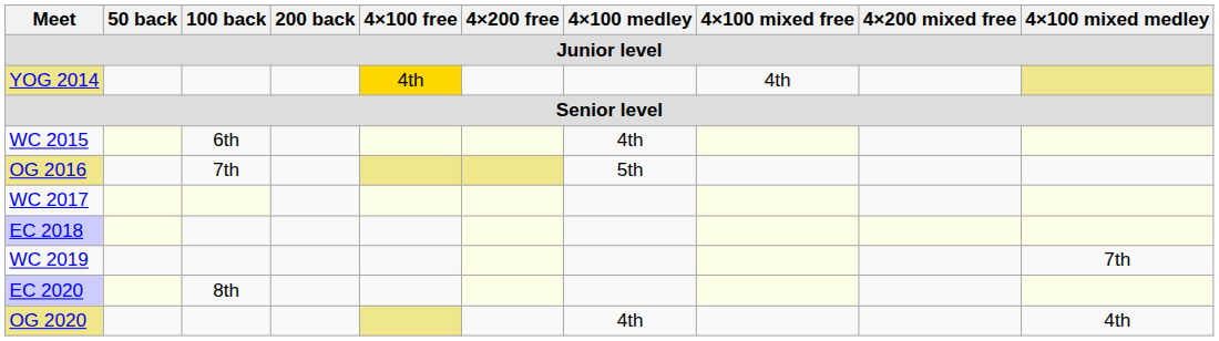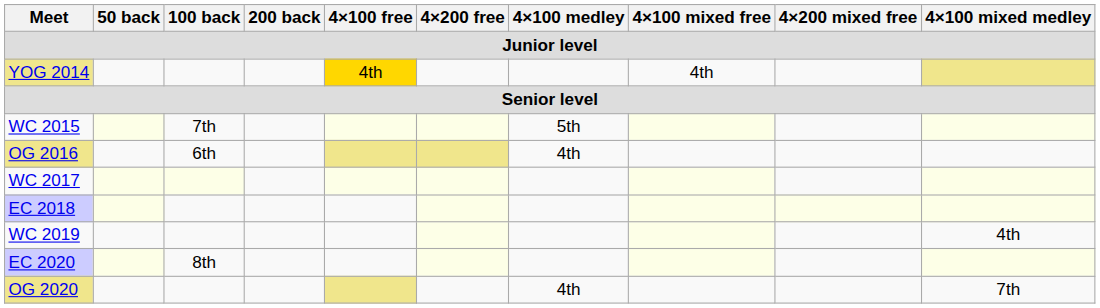 <table class="sortable wikitable">
 <tr>
 <th>Meet</th>
 <th class="unsortable">50 back</th>
 <th class="unsortable">100 back</th>
 <th class="unsortable">200 back</th>
 <th class="unsortable">4×100 free</th>
 <th class="unsortable">4×200 free</th>
 <th class="unsortable">4×100 medley</th>
 <th class="unsortable">4×100 mixed free</th>
 <th class="unsortable">4×200 mixed free</th>
 <th class="unsortable">4×100 mixed medley</th>
 </tr>
 <tr bgcolor="#DDDDDD">
 <td colspan="10" align="center"><strong>Junior level</strong></td>
 </tr>
 <tr>
 <td style="background:#f0e68c"><a href='#'>YOG 2014</a></td>
 <td align="center"></td>
 <td align="center"></td>
 <td align="center"></td>
 <td align="center" style="background: gold;">4th</td>
 <td></td>
 <td align="center"></td>
 <td align="center">4th</td>
 <td></td>
 <td style="background:#f0e68c"></td>
 </tr>
 <tr bgcolor="#DDDDDD">
 <td colspan="10" align="center"><strong>Senior level</strong></td>
 </tr>
 <tr>
 <td><a href='#'>WC 2015</a></td>
 <td style="background:#fdffe7"></td>
-<td align="center">6th</td>
+<td align="center">7th</td>
 <td align="center"></td>
 <td style="background:#fdffe7"></td>
 <td style="background:#fdffe7"></td>
-<td align="center">4th</td>
+<td align="center">5th</td>
 <td style="background:#fdffe7"></td>
 <td></td>
 <td style="background:#fdffe7"></td>
 </tr>
 <tr>
 <td style="background:#f0e68c"><a href='#'>OG 2016</a></td>
 <td></td>
-<td align="center">7th</td>
+<td align="center">6th</td>
 <td align="center"></td>
 <td style="background:#f0e68c"></td>
 <td style="background:#f0e68c"></td>
-<td align="center">5th</td>
+<td align="center">4th</td>
 <td></td>
 <td></td>
 <td></td>
 </tr>
 <tr>
 <td><a href='#'>WC 2017</a></td>
 <td style="background:#fdffe7"></td>
 <td style="background:#fdffe7"></td>
 <td align="center"></td>
 <td style="background:#fdffe7"></td>
 <td style="background:#fdffe7"></td>
 <td align="center"></td>
 <td style="background:#fdffe7"></td>
 <td></td>
 <td style="background:#fdffe7"></td>
 </tr>
 <tr>
 <td style="background:#ccccff"><a href='#'>EC 2018</a></td>
 <td style="background:#fdffe7"></td>
 <td align="center"></td>
 <td align="center"></td>
 <td align="center"></td>
 <td style="background:#fdffe7"></td>
 <td align="center"></td>
 <td style="background:#fdffe7"></td>
 <td style="background:#fdffe7"></td>
 <td style="background:#fdffe7"></td>
 </tr>
 <tr>
 <td><a href='#'>WC 2019</a></td>
 <td align="center"></td>
 <td align="center"></td>
 <td align="center"></td>
 <td align="center"></td>
 <td style="background:#fdffe7"></td>
 <td align="center"></td>
 <td style="background:#fdffe7"></td>
 <td></td>
-<td align="center">7th</td>
+<td align="center">4th</td>
 </tr>
 <tr>
 <td style="background:#ccccff"><a href='#'>EC 2020</a></td>
 <td style="background:#fdffe7"></td>
 <td align="center">8th</td>
 <td align="center"></td>
 <td align="center"></td>
 <td style="background:#fdffe7"></td>
 <td align="center"></td>
 <td style="background:#fdffe7"></td>
 <td align="center"></td>
 <td style="background:#fdffe7"></td>
 </tr>
 <tr>
 <td style="background:#f0e68c"><a href='#'>OG 2020</a></td>
 <td></td>
 <td align="center"></td>
 <td align="center"></td>
 <td style="background:#f0e68c"></td>
 <td align="center"></td>
 <td align="center">4th</td>
 <td></td>
 <td></td>
-<td align="center">4th</td>
+<td align="center">7th</td>
 </tr>
 </table>
